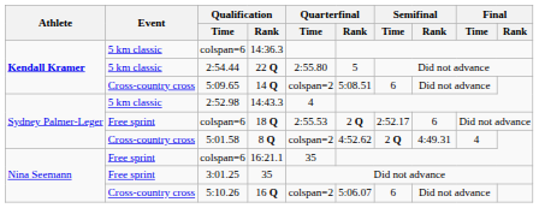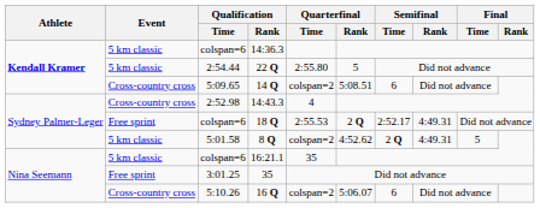 <table class="wikitable" style="font-size:90%">
 <tr>
 <th rowspan="2">Athlete</th>
 <th rowspan="2">Event</th>
 <th colspan="2">Qualification</th>
 <th colspan="2">Quarterfinal</th>
 <th colspan="2">Semifinal</th>
 <th colspan="2">Final</th>
 </tr>
 <tr style="font-size:95%">
 <th>Time</th>
 <th>Rank</th>
 <th>Time</th>
 <th>Rank</th>
 <th>Time</th>
 <th>Rank</th>
 <th>Time</th>
 <th>Rank</th>
 </tr>
 <tr align=center>
 <td align=left rowspan=3><strong><a href='#'>Kendall Kramer</a></strong></td>
 <td align=left><a href='#'>5 km classic</a></td>
 <td>colspan=6 </td>
 <td>14:36.3</td>
 <td></td>
 </tr>
 <tr align=center>
 <td align=left><a href='#'>5 km classic</a></td>
 <td>2:54.44</td>
 <td>22 <strong>Q</strong></td>
 <td>2:55.80</td>
 <td>5</td>
 <td colspan=4>Did not advance</td>
 </tr>
 <tr align=center>
 <td align=left><a href='#'>Cross-country cross</a></td>
 <td>5:09.65</td>
 <td>14 <strong>Q</strong></td>
 <td>colspan=2 </td>
 <td>5:08.51</td>
 <td>6</td>
 <td colspan=2>Did not advance</td>
 </tr>
 <tr align=center>
 <td align=left rowspan=3><a href='#'>Sydney Palmer-Leger</a><br></td>
-<td align=left><a href='#'>5 km classic</a></td>
+<td align=left><a href='#'>Cross-country cross</a></td>
 <td>2:52.98</td>
 <td>14:43.3</td>
 <td>4</td>
 </tr>
 <tr align=center>
 <td align=left><a href='#'>Free sprint</a></td>
 <td>colspan=6 </td>
 <td>18 <strong>Q</strong></td>
 <td>2:55.53</td>
 <td>2 <strong>Q</strong></td>
 <td>2:52.17</td>
-<td>6</td>
+<td>4:49.31</td>
 <td colspan=2>Did not advance</td>
 </tr>
 <tr align=center>
-<td align=left><a href='#'>Cross-country cross</a></td>
+<td align=left><a href='#'>5 km classic</a></td>
 <td>5:01.58</td>
 <td>8 <strong>Q</strong></td>
 <td>colspan=2 </td>
 <td>4:52.62</td>
 <td>2 <strong>Q</strong></td>
 <td>4:49.31</td>
-<td>4</td>
+<td>5</td>
 </tr>
 <tr align=center>
 <td align=left rowspan=3><a href='#'>Nina Seemann</a></td>
-<td align=left><a href='#'>Free sprint</a></td>
+<td align=left><a href='#'>5 km classic</a></td>
 <td>colspan=6 </td>
 <td>16:21.1</td>
 <td>35</td>
 </tr>
 <tr align=center>
 <td align=left><a href='#'>Free sprint</a></td>
 <td>3:01.25</td>
 <td>35</td>
 <td colspan=6>Did not advance</td>
 </tr>
 <tr align=center>
 <td align=left><a href='#'>Cross-country cross</a></td>
 <td>5:10.26</td>
 <td>16 <strong>Q</strong></td>
 <td>colspan=2 </td>
 <td>5:06.07</td>
 <td>6</td>
 <td colspan=2>Did not advance</td>
 </tr>
 </table>
